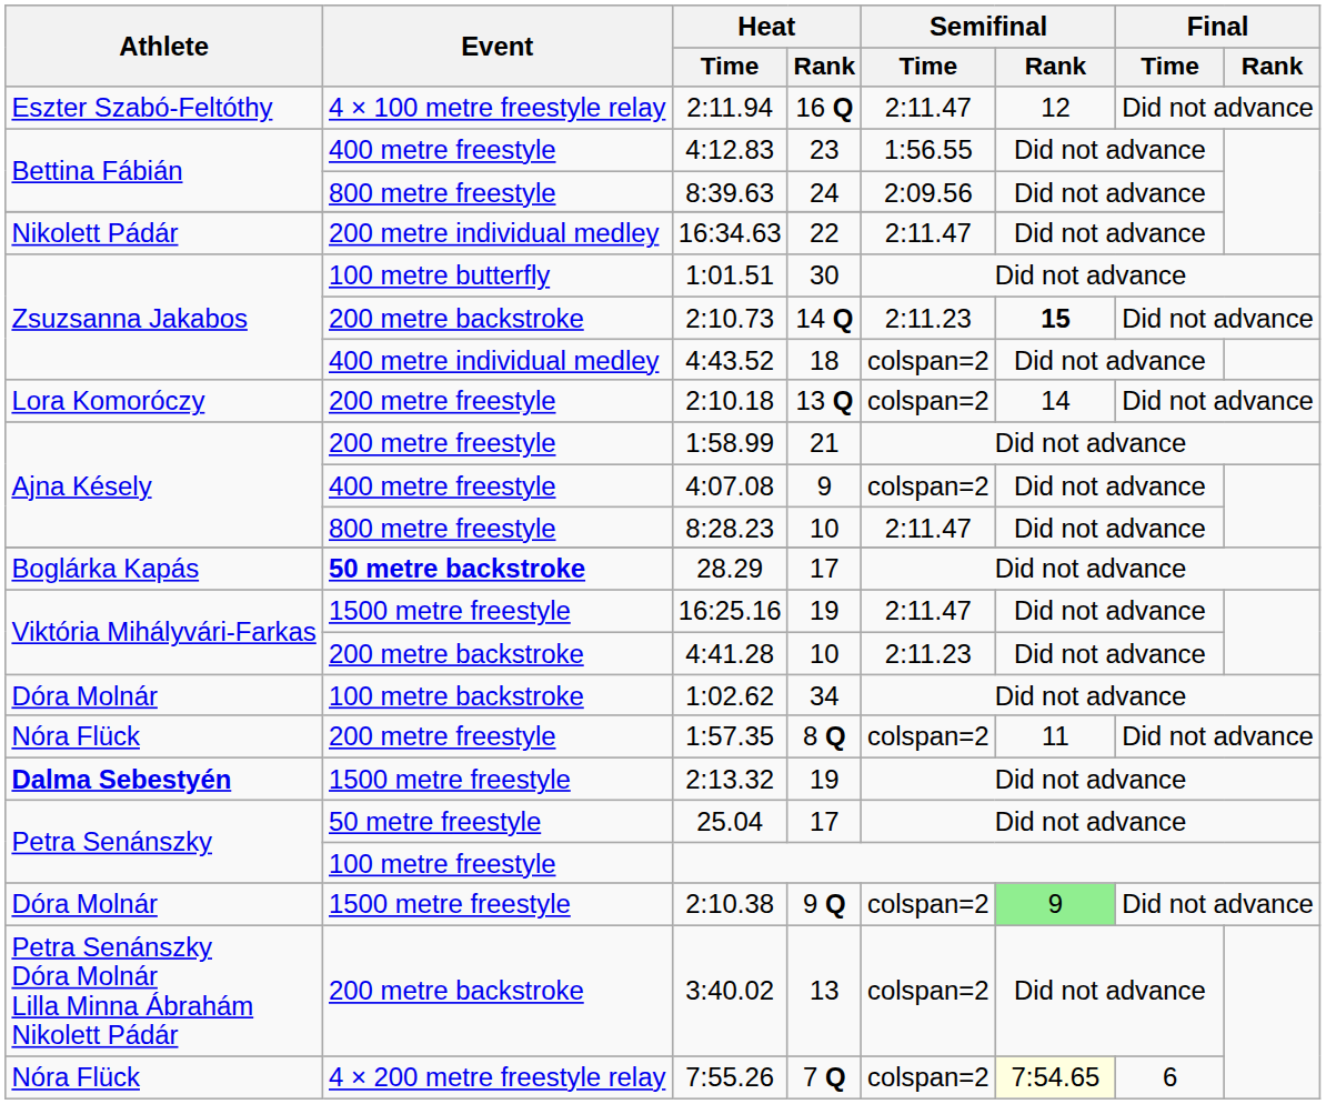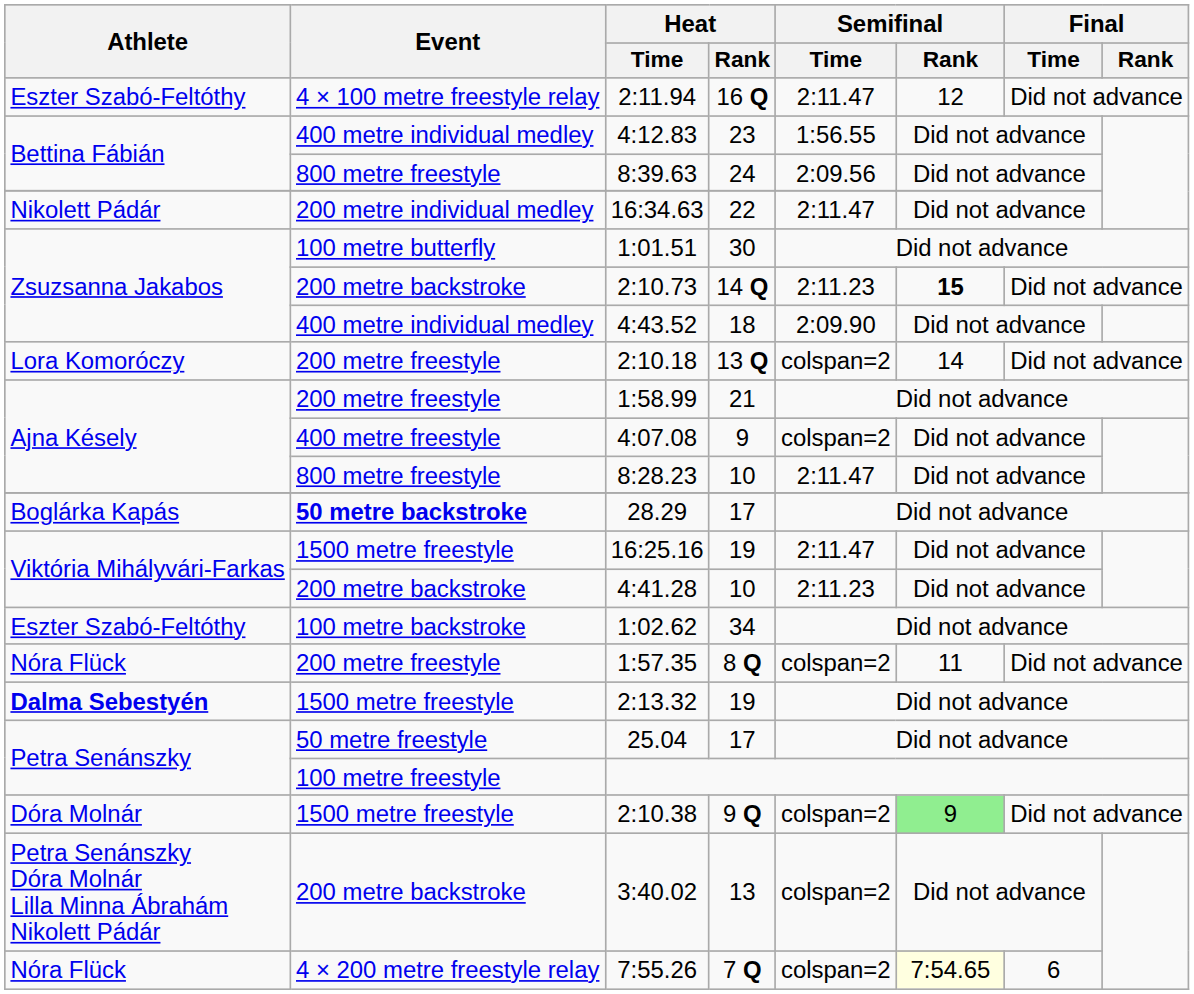 <table class="wikitable" style="text-align:center; font-size:90%">
 <tr>
 <th rowspan="2">Athlete</th>
 <th rowspan="2">Event</th>
 <th colspan="2">Heat</th>
 <th colspan="2">Semifinal</th>
 <th colspan="2">Final</th>
 </tr>
 <tr style="font-size:95%">
 <th>Time</th>
 <th>Rank</th>
 <th>Time</th>
 <th>Rank</th>
 <th>Time</th>
 <th>Rank</th>
 </tr>
 <tr>
 <td align=left><a href='#'>Eszter Szabó-Feltóthy</a></td>
 <td align=left><a href='#'>4 × 100 metre freestyle relay</a></td>
 <td>2:11.94</td>
 <td>16 <strong>Q</strong></td>
 <td>2:11.47</td>
 <td>12</td>
 <td colspan=2>Did not advance</td>
 </tr>
 <tr>
 <td align=left rowspan=2><a href='#'>Bettina Fábián</a></td>
-<td align=left><a href='#'>400 metre freestyle</a></td>
+<td align=left><a href='#'>400 metre individual medley</a></td>
 <td>4:12.83</td>
 <td>23</td>
 <td>1:56.55</td>
 <td colspan=2>Did not advance</td>
 </tr>
 <tr>
 <td align=left><a href='#'>800 metre freestyle</a></td>
 <td>8:39.63</td>
 <td>24</td>
 <td>2:09.56</td>
 <td colspan=2>Did not advance</td>
 </tr>
 <tr>
 </tr>
 <tr>
 <td align=left><a href='#'>Nikolett Pádár</a></td>
 <td align=left><a href='#'>200 metre individual medley</a></td>
 <td>16:34.63</td>
 <td>22</td>
 <td>2:11.47</td>
 <td colspan=2>Did not advance</td>
 </tr>
 <tr>
 <td align=left rowspan=3><a href='#'>Zsuzsanna Jakabos</a></td>
 <td align=left><a href='#'>100 metre butterfly</a></td>
 <td>1:01.51</td>
 <td>30</td>
 <td colspan=4>Did not advance</td>
 </tr>
 <tr>
 <td align=left><a href='#'>200 metre backstroke</a></td>
 <td>2:10.73</td>
 <td>14 <strong>Q</strong></td>
 <td>2:11.23</td>
 <td><strong>15</strong></td>
 <td colspan=2>Did not advance</td>
 </tr>
 <tr>
 <td align=left><a href='#'>400 metre individual medley</a></td>
 <td>4:43.52</td>
 <td>18</td>
-<td>colspan=2 </td>
+<td>2:09.90</td>
 <td colspan=2>Did not advance</td>
 </tr>
 <tr>
 <td align=left><a href='#'>Lora Komoróczy</a></td>
 <td align=left><a href='#'>200 metre freestyle</a></td>
 <td>2:10.18</td>
 <td>13 <strong>Q</strong></td>
 <td>colspan=2 </td>
 <td>14</td>
 <td colspan=2>Did not advance</td>
 </tr>
 <tr>
 <td align=left rowspan=3><a href='#'>Ajna Késely</a></td>
 <td align=left><a href='#'>200 metre freestyle</a></td>
 <td>1:58.99</td>
 <td>21</td>
 <td colspan=4>Did not advance</td>
 </tr>
 <tr>
 <td align=left><a href='#'>400 metre freestyle</a></td>
 <td>4:07.08</td>
 <td>9</td>
 <td>colspan=2 </td>
 <td colspan=2>Did not advance</td>
 </tr>
 <tr>
 <td align=left><a href='#'>800 metre freestyle</a></td>
 <td>8:28.23</td>
 <td>10</td>
 <td>2:11.47</td>
 <td colspan=2>Did not advance</td>
 </tr>
 <tr>
 </tr>
 <tr>
 <td align=left><a href='#'>Boglárka Kapás</a></td>
 <td align=left><strong><a href='#'>50 metre backstroke</a></strong></td>
 <td>28.29</td>
 <td>17</td>
 <td colspan=4>Did not advance</td>
 </tr>
 <tr>
 <td align=left rowspan=2><a href='#'>Viktória Mihályvári-Farkas</a></td>
 <td align=left><a href='#'>1500 metre freestyle</a></td>
 <td>16:25.16</td>
 <td>19</td>
 <td>2:11.47</td>
 <td colspan=2>Did not advance</td>
 </tr>
 <tr>
 <td align=left><a href='#'>200 metre backstroke</a></td>
 <td>4:41.28</td>
 <td>10</td>
 <td>2:11.23</td>
 <td colspan=2>Did not advance</td>
 </tr>
 <tr>
-<td align=left><a href='#'>Dóra Molnár</a></td>
+<td align=left><a href='#'>Eszter Szabó-Feltóthy</a></td>
 <td align=left><a href='#'>100 metre backstroke</a></td>
 <td>1:02.62</td>
 <td>34</td>
 <td colspan=4>Did not advance</td>
 </tr>
 <tr>
 <td align=left><a href='#'>Nóra Flück</a></td>
 <td align=left><a href='#'>200 metre freestyle</a></td>
 <td>1:57.35</td>
 <td>8 <strong>Q</strong></td>
 <td>colspan=2 </td>
 <td>11</td>
 <td colspan=2>Did not advance</td>
 </tr>
 <tr>
 <td align=left><strong><a href='#'>Dalma Sebestyén</a></strong></td>
 <td align=left><a href='#'>1500 metre freestyle</a></td>
 <td>2:13.32</td>
 <td>19</td>
 <td colspan=4>Did not advance</td>
 </tr>
 <tr>
 <td align=left rowspan=2><a href='#'>Petra Senánszky</a></td>
 <td align=left><a href='#'>50 metre freestyle</a></td>
 <td>25.04</td>
 <td>17</td>
 <td colspan=4>Did not advance</td>
 </tr>
 <tr>
 <td align=left><a href='#'>100 metre freestyle</a></td>
 <td colspan=6></td>
 </tr>
 <tr>
 <td align=left><a href='#'>Dóra Molnár</a></td>
 <td align=left><a href='#'>1500 metre freestyle</a></td>
 <td>2:10.38</td>
 <td>9 <strong>Q</strong></td>
 <td>colspan=2 </td>
 <td style="background: lightgreen;">9</td>
 <td colspan=2>Did not advance</td>
 </tr>
 <tr>
 <td align=left><a href='#'>Petra Senánszky</a><br><a href='#'>Dóra Molnár</a><br><a href='#'>Lilla Minna Ábrahám</a><br><a href='#'>Nikolett Pádár</a></td>
 <td align=left><a href='#'>200 metre backstroke</a></td>
 <td>3:40.02</td>
 <td>13</td>
 <td>colspan=2 </td>
 <td colspan=2>Did not advance</td>
 </tr>
 <tr>
 <td align=left><a href='#'>Nóra Flück</a></td>
 <td align=left><a href='#'>4 × 200 metre freestyle relay</a></td>
 <td>7:55.26</td>
 <td>7 <strong>Q</strong></td>
 <td>colspan=2 </td>
 <td style="background: lightyellow;">7:54.65</td>
 <td>6</td>
 </tr>
 </table>
